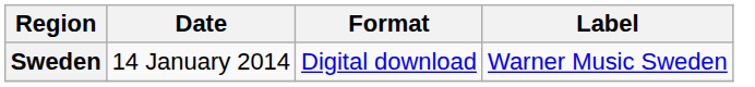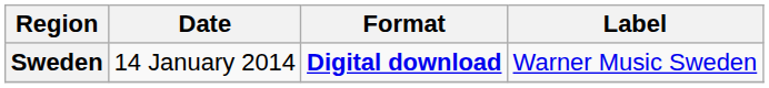 <table class="wikitable plainrowheaders">
 <tr>
 <th scope="col">Region</th>
 <th scope="col">Date</th>
 <th scope="col">Format</th>
 <th scope="col">Label</th>
 </tr>
 <tr>
 <th scope="row">Sweden</th>
 <td>14 January 2014</td>
-<td><a href='#'>Digital download</a></td>
+<td><strong><a href='#'>Digital download</a></strong></td>
 <td><a href='#'>Warner Music Sweden</a></td>
 </tr>
 <tr>
 </tr>
 </table>
